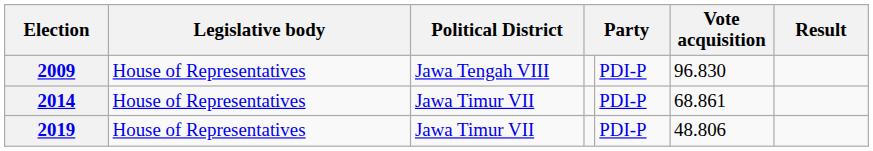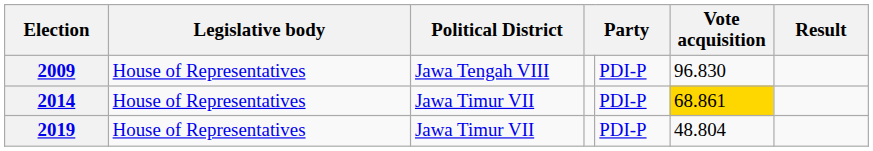 <table class="wikitable" style="width:58%; border:1px #AAAAFF solid">
 <tr>
 <th width="12%">Election</th>
 <th width="35%">Legislative body</th>
 <th width="20%">Political District</th>
 <th colspan="2" width="10%">Party</th>
 <th width="12%">Vote acquisition</th>
 <th width="12%">Result</th>
 </tr>
 <tr>
 <th><a href='#'>2009</a></th>
 <td><a href='#'>House of Representatives</a></td>
 <td><a href='#'>Jawa Tengah VIII</a></td>
 <td></td>
 <td><a href='#'>PDI-P</a></td>
 <td>96.830</td>
 <td></td>
 </tr>
 <tr>
 <th><a href='#'>2014</a></th>
 <td><a href='#'>House of Representatives</a></td>
 <td><a href='#'>Jawa Timur VII</a></td>
 <td></td>
 <td><a href='#'>PDI-P</a></td>
-<td>68.861</td>
+<td style="background: gold;">68.861</td>
 <td></td>
 </tr>
 <tr>
 <th><a href='#'>2019</a></th>
 <td><a href='#'>House of Representatives</a></td>
 <td><a href='#'>Jawa Timur VII</a></td>
 <td></td>
 <td><a href='#'>PDI-P</a></td>
-<td>48.806</td>
+<td>48.804</td>
 <td></td>
 </tr>
 </table>
